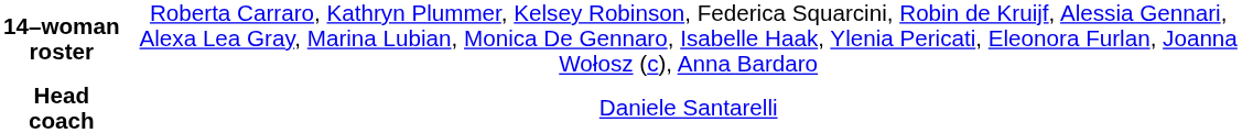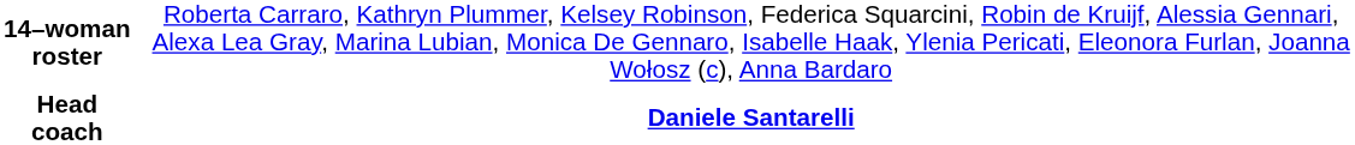 <table style="text-align:center; margin-top:2em; margin-left:auto; margin-right:auto">
 <tr>
 <td><strong>14–woman roster</strong></td>
 <td><a href='#'>Roberta Carraro</a>, <a href='#'>Kathryn Plummer</a>, <a href='#'>Kelsey Robinson</a>, Federica Squarcini, <a href='#'>Robin de Kruijf</a>, <a href='#'>Alessia Gennari</a>, <a href='#'>Alexa Lea Gray</a>, <a href='#'>Marina Lubian</a>, <a href='#'>Monica De Gennaro</a>, <a href='#'>Isabelle Haak</a>, <a href='#'>Ylenia Pericati</a>, <a href='#'>Eleonora Furlan</a>, <a href='#'>Joanna Wołosz</a> (<a href='#'>c</a>), <a href='#'>Anna Bardaro</a></td>
 </tr>
 <tr>
 <td><strong>Head coach</strong></td>
-<td><a href='#'>Daniele Santarelli</a></td>
+<td><strong><a href='#'>Daniele Santarelli</a></strong></td>
 </tr>
 </table>
